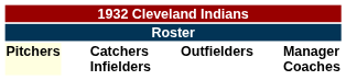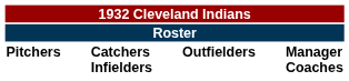 <table class="toccolours" style="font-size: 95%;">
 <tr>
 <th colspan="10" style="background-color: #990000; color: white; text-align: center;">1932 Cleveland Indians</th>
 </tr>
 <tr>
 <td colspan="10" style="background-color: #023456; color: white; text-align: center;"><strong>Roster</strong></td>
 </tr>
 <tr>
-<td valign="top" style="background: lightyellow;"><strong>Pitchers</strong><br>          </td>
+<td valign="top"><strong>Pitchers</strong><br>          </td>
 <td width="25px"></td>
 <td valign="top"><strong>Catchers</strong><br>   <strong>Infielders</strong>         </td>
 <td width="25px"></td>
 <td valign="top"><strong>Outfielders</strong><br>     </td>
 <td width="25px"></td>
 <td valign="top"><strong>Manager</strong><br> <strong>Coaches</strong>  </td>
 </tr>
 </table>
